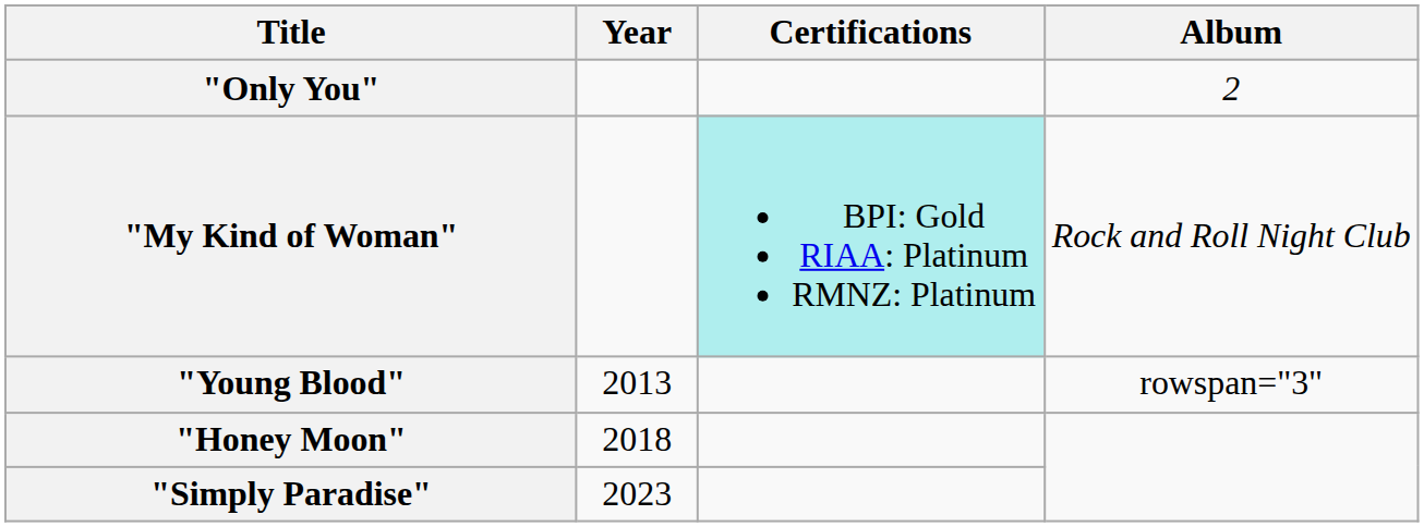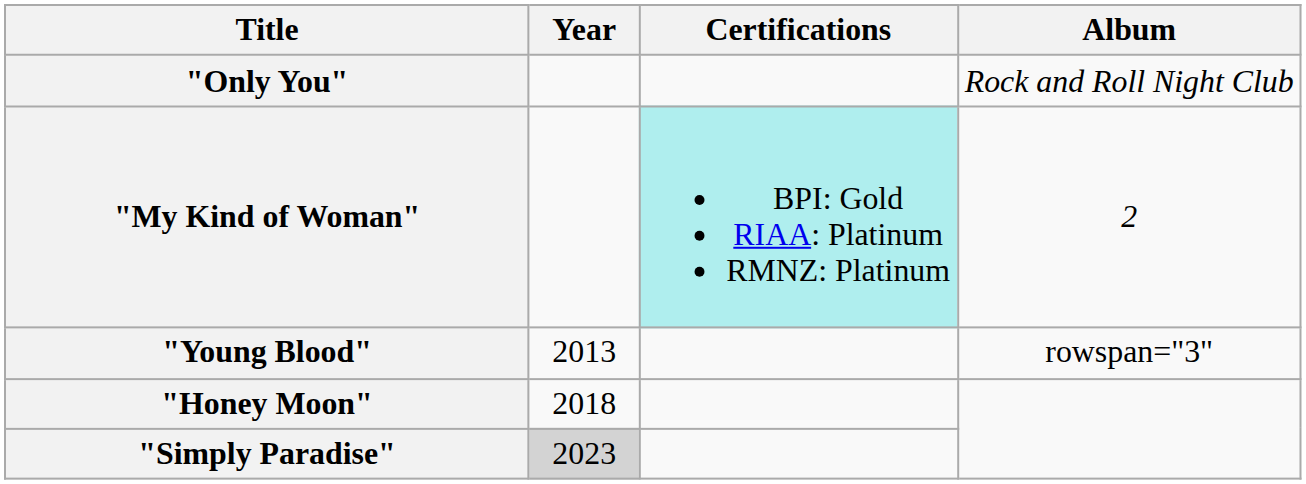 <table class="wikitable sortable plainrowheaders" style="text-align:center;">
 <tr>
 <th scope="col" style="width:16em;">Title</th>
 <th scope="col" style="width:3em;">Year</th>
 <th scope="col">Certifications</th>
 <th scope="col">Album</th>
 </tr>
 <tr>
 <th scope="row">"Only You"</th>
 <td></td>
 <td></td>
-<td><em>2</em></td>
+<td><em>Rock and Roll Night Club</em></td>
 </tr>
 <tr>
 <th scope="row">"My Kind of Woman"</th>
 <td></td>
 <td style="background: paleturquoise;"><br><ul><li>BPI: Gold</li><li><a href='#'>RIAA</a>: Platinum</li><li>RMNZ: Platinum</li></ul></td>
-<td><em>Rock and Roll Night Club</em></td>
+<td><em>2</em></td>
 </tr>
 <tr>
 <th scope="row">"Young Blood"</th>
 <td>2013</td>
 <td></td>
 <td>rowspan="3" </td>
 </tr>
 <tr>
 <th scope="row">"Honey Moon"</th>
 <td>2018</td>
 <td></td>
 </tr>
 <tr>
 <th scope="row">"Simply Paradise"<br></th>
-<td>2023</td>
+<td style="background: lightgrey;">2023</td>
 <td></td>
 </tr>
 </table>
